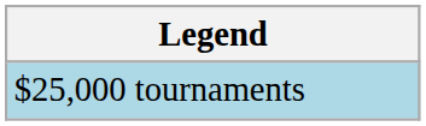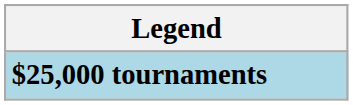 <table class="wikitable" style="font-size:85%; width:13%;">
 <tr>
 <th>Legend</th>
 </tr>
 <tr style="background:lightblue;">
-<td>$25,000 tournaments</td>
+<td><strong>$25,000 tournaments</strong></td>
 </tr>
 </table>
